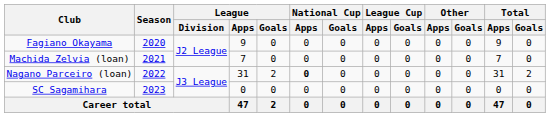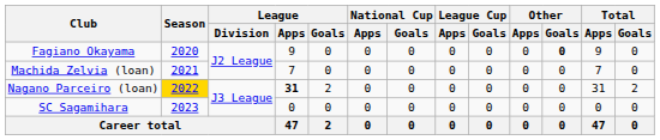 <table class="wikitable" style="text-align: center">
 <tr>
 <th rowspan="2">Club</th>
 <th rowspan="2">Season</th>
 <th colspan="3">League</th>
 <th colspan="2">National Cup</th>
 <th colspan="2">League Cup</th>
 <th colspan="2">Other</th>
 <th colspan="2">Total</th>
 </tr>
 <tr>
 <th>Division</th>
 <th>Apps</th>
 <th>Goals</th>
 <th>Apps</th>
 <th>Goals</th>
 <th>Apps</th>
 <th>Goals</th>
 <th>Apps</th>
 <th>Goals</th>
 <th>Apps</th>
 <th>Goals</th>
 </tr>
 <tr>
 <td><a href='#'>Fagiano Okayama</a></td>
 <td><a href='#'>2020</a></td>
 <td rowspan="2"><a href='#'>J2 League</a></td>
 <td>9</td>
 <td>0</td>
 <td>0</td>
 <td>0</td>
 <td>0</td>
 <td>0</td>
 <td>0</td>
-<td>0</td>
+<td><strong>0</strong></td>
 <td>9</td>
 <td>0</td>
 </tr>
 <tr>
 <td><a href='#'>Machida Zelvia</a> (loan)</td>
 <td><a href='#'>2021</a></td>
 <td>7</td>
 <td>0</td>
 <td>0</td>
 <td>0</td>
 <td>0</td>
 <td>0</td>
 <td>0</td>
 <td>0</td>
 <td>7</td>
 <td>0</td>
 </tr>
 <tr>
 <td><a href='#'>Nagano Parceiro</a> (loan)</td>
-<td><a href='#'>2022</a></td>
+<td style="background: gold;"><a href='#'>2022</a></td>
 <td rowspan="2"><a href='#'>J3 League</a></td>
-<td>31</td>
+<td><strong>31</strong></td>
 <td>2</td>
-<td><strong>0</strong></td>
+<td>0</td>
 <td>0</td>
 <td>0</td>
 <td>0</td>
 <td>0</td>
 <td>0</td>
 <td>31</td>
 <td>2</td>
 </tr>
 <tr>
 <td><a href='#'>SC Sagamihara</a></td>
 <td><a href='#'>2023</a></td>
 <td>0</td>
 <td>0</td>
 <td>0</td>
 <td>0</td>
 <td>0</td>
 <td>0</td>
 <td>0</td>
 <td>0</td>
 <td>0</td>
 <td>0</td>
 </tr>
 <tr>
 <th colspan=3>Career total</th>
 <th>47</th>
 <th>2</th>
 <th>0</th>
 <th>0</th>
 <th>0</th>
 <th>0</th>
 <th>0</th>
 <th>0</th>
 <th>47</th>
 <th>0</th>
 </tr>
 </table>
